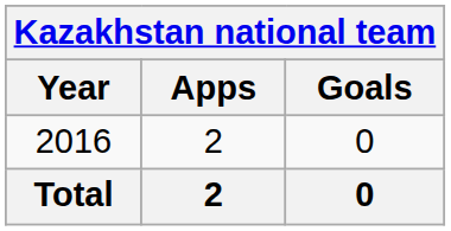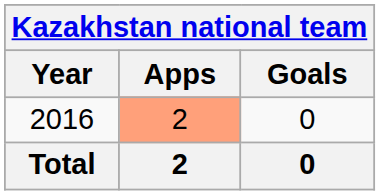 <table class="wikitable" style="text-align:center">
 <tr>
 <th colspan=3><a href='#'>Kazakhstan national team</a></th>
 </tr>
 <tr>
 <th>Year</th>
 <th>Apps</th>
 <th>Goals</th>
 </tr>
 <tr>
 <td>2016</td>
-<td>2</td>
+<td style="background: lightsalmon;">2</td>
 <td>0</td>
 </tr>
 <tr>
 <th>Total</th>
 <th>2</th>
 <th>0</th>
 </tr>
 </table>
